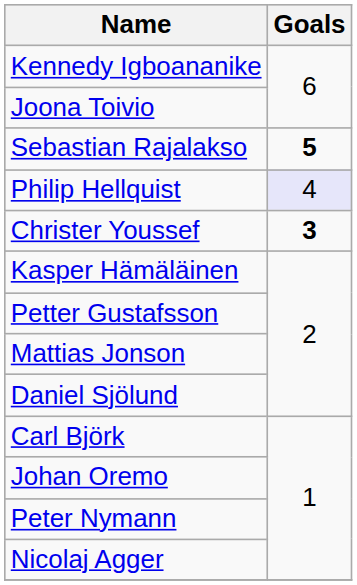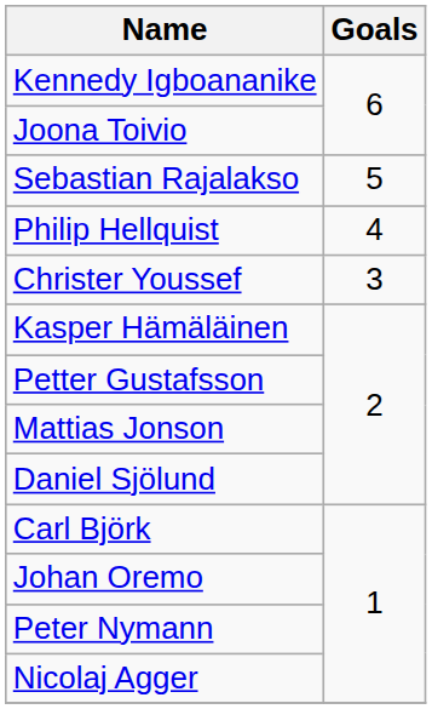 <table class="wikitable">
 <tr>
 <th>Name</th>
 <th>Goals</th>
 </tr>
 <tr>
 <td> <a href='#'>Kennedy Igboananike</a></td>
 <td rowspan="2" align=center>6</td>
 </tr>
 <tr>
 <td> <a href='#'>Joona Toivio</a></td>
 </tr>
 <tr>
 <td> <a href='#'>Sebastian Rajalakso</a></td>
-<td rowspan="1" align=center><strong>5</strong></td>
+<td rowspan="1" align=center>5</td>
 </tr>
 <tr>
 <td> <a href='#'>Philip Hellquist</a></td>
-<td rowspan="1" align=center style="background: lavender;">4</td>
+<td rowspan="1" align=center>4</td>
 </tr>
 <tr>
 <td> <a href='#'>Christer Youssef</a></td>
-<td rowspan="1" align=center><strong>3</strong></td>
+<td rowspan="1" align=center>3</td>
 </tr>
 <tr>
 <td> <a href='#'>Kasper Hämäläinen</a></td>
 <td rowspan="4" align=center>2</td>
 </tr>
 <tr>
 <td> <a href='#'>Petter Gustafsson</a></td>
 </tr>
 <tr>
 <td> <a href='#'>Mattias Jonson</a></td>
 </tr>
 <tr>
 <td> <a href='#'>Daniel Sjölund</a></td>
 </tr>
 <tr>
 <td> <a href='#'>Carl Björk</a></td>
 <td rowspan="4" align=center>1</td>
 </tr>
 <tr>
 <td> <a href='#'>Johan Oremo</a></td>
 </tr>
 <tr>
 <td> <a href='#'>Peter Nymann</a></td>
 </tr>
 <tr>
 <td> <a href='#'>Nicolaj Agger</a></td>
 </tr>
 <tr>
 </tr>
 </table>
